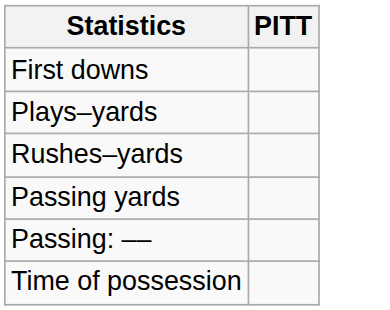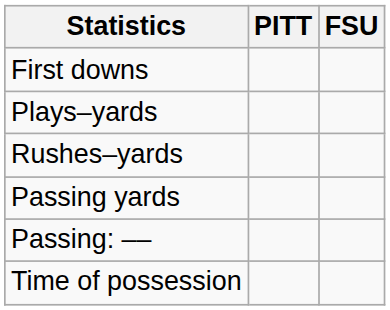 <table class="wikitable" style="float:left">
 <tr>
 <th>Statistics</th>
 <th>PITT</th>
+<th>FSU</th>
 </tr>
 <tr>
 <td>First downs</td>
+<td></td>
 <td></td>
 </tr>
 <tr>
 <td>Plays–yards</td>
 <td></td>
+<td></td>
 </tr>
 <tr>
 <td>Rushes–yards</td>
+<td></td>
 <td></td>
 </tr>
 <tr>
 <td>Passing yards</td>
 <td></td>
+<td></td>
 </tr>
 <tr>
 <td>Passing: ––</td>
+<td></td>
 <td></td>
 </tr>
 <tr>
 <td>Time of possession</td>
 <td></td>
+<td></td>
 </tr>
 </table>
